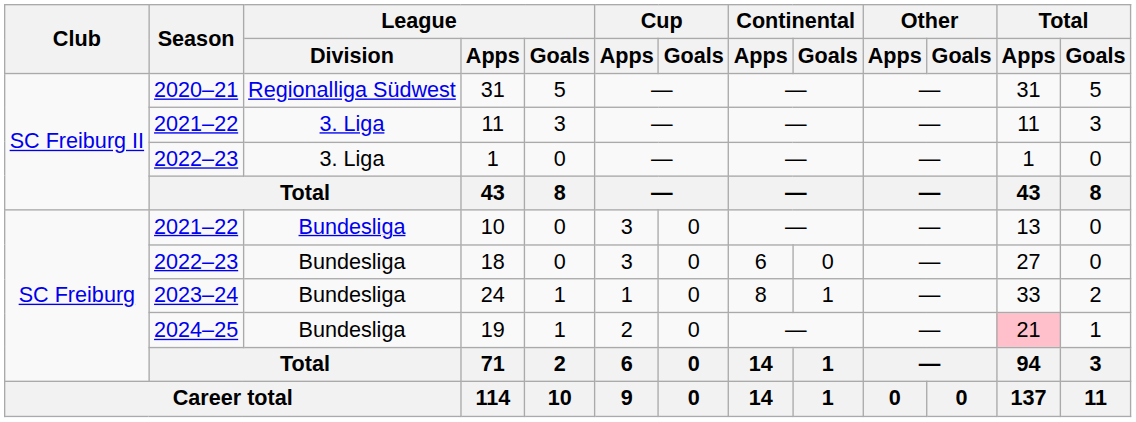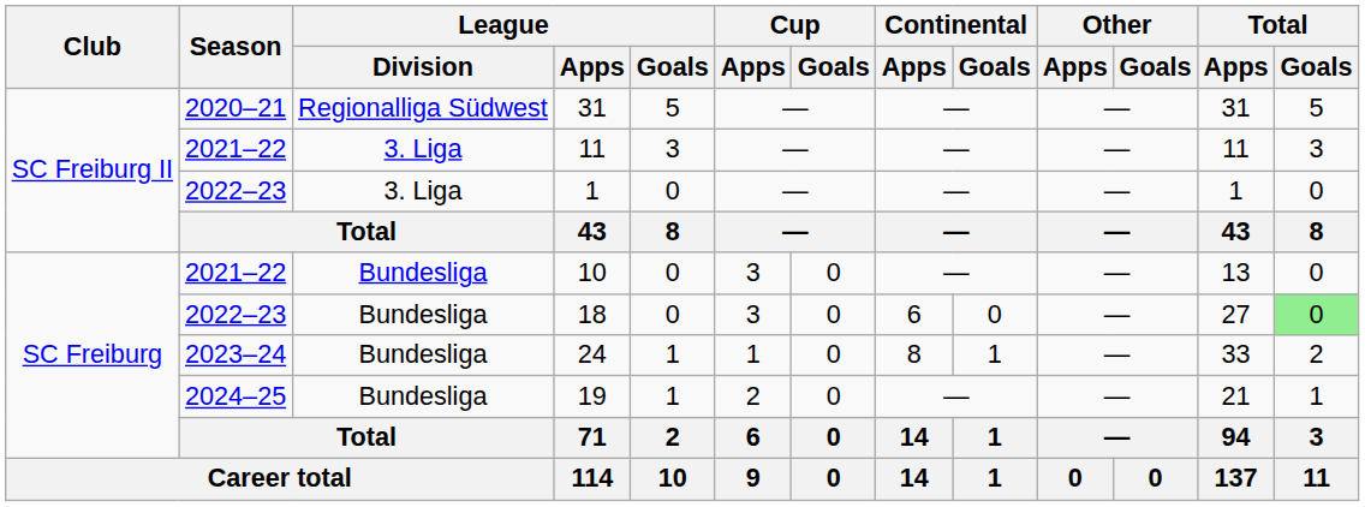 <table class="wikitable" style="text-align:center">
 <tr>
 <th rowspan="2">Club</th>
 <th rowspan="2">Season</th>
 <th colspan="3">League</th>
 <th colspan="2">Cup</th>
 <th colspan="2">Continental</th>
 <th colspan="2">Other</th>
 <th colspan="2">Total</th>
 </tr>
 <tr>
 <th>Division</th>
 <th>Apps</th>
 <th>Goals</th>
 <th>Apps</th>
 <th>Goals</th>
 <th>Apps</th>
 <th>Goals</th>
 <th>Apps</th>
 <th>Goals</th>
 <th>Apps</th>
 <th>Goals</th>
 </tr>
 <tr>
 <td rowspan="4"><a href='#'>SC Freiburg II</a></td>
 <td><a href='#'>2020–21</a></td>
 <td><a href='#'>Regionalliga Südwest</a></td>
 <td>31</td>
 <td>5</td>
 <td colspan="2">—</td>
 <td colspan="2">—</td>
 <td colspan="2">—</td>
 <td>31</td>
 <td>5</td>
 </tr>
 <tr>
 <td><a href='#'>2021–22</a></td>
 <td><a href='#'>3. Liga</a></td>
 <td>11</td>
 <td>3</td>
 <td colspan="2">—</td>
 <td colspan="2">—</td>
 <td colspan="2">—</td>
 <td>11</td>
 <td>3</td>
 </tr>
 <tr>
 <td><a href='#'>2022–23</a></td>
 <td>3. Liga</td>
 <td>1</td>
 <td>0</td>
 <td colspan="2">—</td>
 <td colspan="2">—</td>
 <td colspan="2">—</td>
 <td>1</td>
 <td>0</td>
 </tr>
 <tr>
 <th colspan="2">Total</th>
 <th>43</th>
 <th>8</th>
 <th colspan="2">—</th>
 <th colspan="2">—</th>
 <th colspan="2">—</th>
 <th>43</th>
 <th>8</th>
 </tr>
 <tr>
 <td rowspan="5"><a href='#'>SC Freiburg</a></td>
 <td><a href='#'>2021–22</a></td>
 <td><a href='#'>Bundesliga</a></td>
 <td>10</td>
 <td>0</td>
 <td>3</td>
 <td>0</td>
 <td colspan="2">—</td>
 <td colspan="2">—</td>
 <td>13</td>
 <td>0</td>
 </tr>
 <tr>
 <td><a href='#'>2022–23</a></td>
 <td>Bundesliga</td>
 <td>18</td>
 <td>0</td>
 <td>3</td>
 <td>0</td>
 <td>6</td>
 <td>0</td>
 <td colspan="2">—</td>
 <td>27</td>
-<td>0</td>
+<td style="background: lightgreen;">0</td>
 </tr>
 <tr>
 <td><a href='#'>2023–24</a></td>
 <td>Bundesliga</td>
 <td>24</td>
 <td>1</td>
 <td>1</td>
 <td>0</td>
 <td>8</td>
 <td>1</td>
 <td colspan="2">—</td>
 <td>33</td>
 <td>2</td>
 </tr>
 <tr>
 <td><a href='#'>2024–25</a></td>
 <td>Bundesliga</td>
 <td>19</td>
 <td>1</td>
 <td>2</td>
 <td>0</td>
 <td colspan="2">—</td>
 <td colspan="2">—</td>
-<td style="background: pink;">21</td>
+<td>21</td>
 <td>1</td>
 </tr>
 <tr>
 <th colspan="2">Total</th>
 <th>71</th>
 <th>2</th>
 <th>6</th>
 <th>0</th>
 <th>14</th>
 <th>1</th>
 <th colspan="2">—</th>
 <th>94</th>
 <th>3</th>
 </tr>
 <tr>
 <th colspan="3">Career total</th>
 <th>114</th>
 <th>10</th>
 <th>9</th>
 <th>0</th>
 <th>14</th>
 <th>1</th>
 <th>0</th>
 <th>0</th>
 <th>137</th>
 <th>11</th>
 </tr>
 </table>
